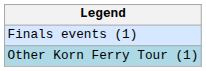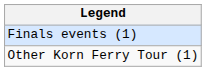 <table class="wikitable" style="font-size:95%;">
 <tr>
 <th>Legend</th>
 </tr>
 <tr style="background:#D6E8FF;">
 <td>Finals events (1)</td>
 </tr>
 <tr>
-<td style="background: lightblue;">Other Korn Ferry Tour (1)</td>
+<td>Other Korn Ferry Tour (1)</td>
 </tr>
 </table>
